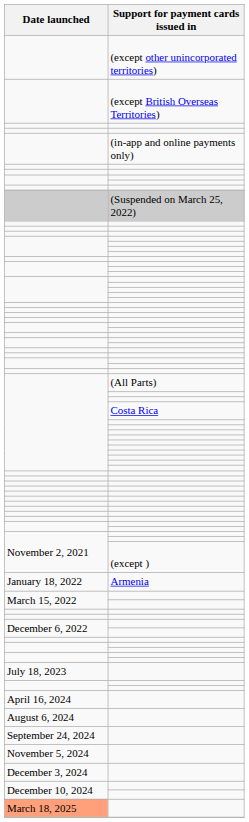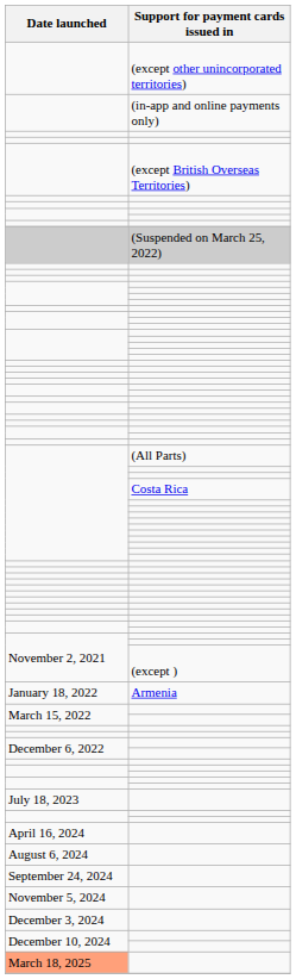 <table class="wikitable sortable" style="font-size:95%">
 <tr>
 <th style="width:9em;">Date launched</th>
 <th style="width:12em;">Support for payment cards issued in</th>
 </tr>
 <tr>
 <td></td>
 <td><strong></strong> <br> (except <a href='#'>other unincorporated territories</a>)</td>
 </tr>
 <tr>
 <td></td>
-<td> <br> (except <a href='#'>British Overseas Territories</a>)</td>
+<td> (in-app and online payments only)</td>
 </tr>
 <tr>
 <td></td>
 <td></td>
 </tr>
 <tr>
 <td></td>
 <td></td>
 </tr>
 <tr>
 <td></td>
-<td> (in-app and online payments only)</td>
+<td> <br> (except <a href='#'>British Overseas Territories</a>)</td>
 </tr>
 <tr>
 <td></td>
 <td></td>
 </tr>
 <tr>
 <td></td>
 <td></td>
 </tr>
 <tr>
 <td rowspan="2"></td>
 <td></td>
 </tr>
 <tr>
 <td></td>
 </tr>
 <tr>
 <td></td>
 <td></td>
 </tr>
 <tr>
 <td ! style="background:#ccc;"></td>
 <td ! style="background:#ccc;"> (Suspended on March 25, 2022)</td>
 </tr>
 <tr>
 <td></td>
 <td></td>
 </tr>
 <tr>
 <td></td>
 <td></td>
 </tr>
 <tr>
 <td></td>
 <td></td>
 </tr>
 <tr>
 <td rowspan="4"></td>
 <td></td>
 </tr>
 <tr>
 <td></td>
 </tr>
 <tr>
 <td></td>
 </tr>
 <tr>
 <td></td>
 </tr>
 <tr>
 <td></td>
 <td></td>
 </tr>
 <tr>
 <td rowspan="3"></td>
 <td></td>
 </tr>
 <tr>
 <td></td>
 </tr>
 <tr>
 <td></td>
 </tr>
 <tr>
 <td rowspan="5"></td>
 <td></td>
 </tr>
 <tr>
 <td></td>
 </tr>
 <tr>
 <td></td>
 </tr>
 <tr>
 <td></td>
 </tr>
 <tr>
 <td></td>
 </tr>
 <tr>
 <td></td>
 <td></td>
 </tr>
 <tr>
 <td></td>
 <td></td>
 </tr>
 <tr>
 <td></td>
 <td></td>
 </tr>
 <tr>
 <td></td>
 <td></td>
 </tr>
 <tr>
 <td rowspan="2"></td>
 <td></td>
 </tr>
 <tr>
 <td></td>
 </tr>
 <tr>
 <td></td>
 <td></td>
 </tr>
 <tr>
 <td rowspan="2"></td>
 <td></td>
 </tr>
 <tr>
 <td></td>
 </tr>
 <tr>
 <td></td>
 <td></td>
 </tr>
 <tr>
 <td></td>
 <td></td>
 </tr>
 <tr>
 <td rowspan="2"></td>
 <td></td>
 </tr>
 <tr>
 <td></td>
 </tr>
 <tr>
 <td></td>
 <td></td>
 </tr>
 <tr>
 <td rowspan="14"></td>
 <td> (All Parts)</td>
 </tr>
 <tr>
 <td></td>
 </tr>
 <tr>
 <td></td>
 </tr>
 <tr>
 <td> <a href='#'>Costa Rica</a></td>
 </tr>
 <tr>
 <td></td>
 </tr>
 <tr>
 <td></td>
 </tr>
 <tr>
 <td></td>
 </tr>
 <tr>
 <td></td>
 </tr>
 <tr>
 <td></td>
 </tr>
 <tr>
 <td></td>
 </tr>
 <tr>
 <td></td>
 </tr>
 <tr>
 <td></td>
 </tr>
 <tr>
 <td></td>
 </tr>
 <tr>
 <td></td>
 </tr>
 <tr>
 <td></td>
 <td></td>
 </tr>
 <tr>
 <td></td>
 <td></td>
 </tr>
 <tr>
 <td></td>
 <td></td>
 </tr>
 <tr>
 <td></td>
 <td></td>
 </tr>
 <tr>
 <td></td>
 <td></td>
 </tr>
 <tr>
 <td></td>
 <td></td>
 </tr>
 <tr>
 <td></td>
 <td></td>
 </tr>
 <tr>
 <td></td>
 <td></td>
 </tr>
 <tr>
 <td></td>
 <td></td>
 </tr>
 <tr>
 <td></td>
 <td></td>
 </tr>
 <tr>
 <td rowspan="2"></td>
 <td></td>
 </tr>
 <tr>
 <td></td>
 </tr>
 <tr>
 <td rowspan="3">November 2, 2021</td>
 <td></td>
 </tr>
 <tr>
 <td></td>
 </tr>
 <tr>
 <td> <br> (except )</td>
 </tr>
 <tr>
 <td>January 18, 2022</td>
 <td> <a href='#'>Armenia</a></td>
 </tr>
 <tr>
 <td rowspan="2">March 15, 2022</td>
 <td></td>
 </tr>
 <tr>
 <td></td>
 </tr>
 <tr>
 <td></td>
 <td></td>
 </tr>
 <tr>
 <td></td>
 <td></td>
 </tr>
 <tr>
 <td rowspan="2">December 6, 2022</td>
 <td></td>
 </tr>
 <tr>
 <td></td>
 </tr>
 <tr>
 <td></td>
 <td></td>
 </tr>
 <tr>
 <td rowspan="2"></td>
 <td></td>
 </tr>
 <tr>
 <td></td>
 </tr>
 <tr>
 <td rowspan="2"></td>
 <td></td>
 </tr>
 <tr>
 <td></td>
 </tr>
 <tr>
 <td>July 18, 2023</td>
 <td></td>
 </tr>
 <tr>
 <td rowspan="2"></td>
 <td></td>
 </tr>
 <tr>
 <td></td>
 </tr>
 <tr>
 <td>April 16, 2024</td>
 <td></td>
 </tr>
 <tr>
 <td>August 6, 2024</td>
 <td></td>
 </tr>
 <tr>
 <td>September 24, 2024</td>
 <td></td>
 </tr>
 <tr>
 <td>November 5, 2024</td>
 <td></td>
 </tr>
 <tr>
 <td>December 3, 2024</td>
 <td></td>
 </tr>
 <tr>
 <td rowspan="2">December 10, 2024</td>
 <td></td>
 </tr>
 <tr>
 <td></td>
 </tr>
 <tr>
 <td rowspan="1" style="background: lightsalmon;">March 18, 2025</td>
 <td></td>
 </tr>
 <tr>
 </tr>
 </table>
